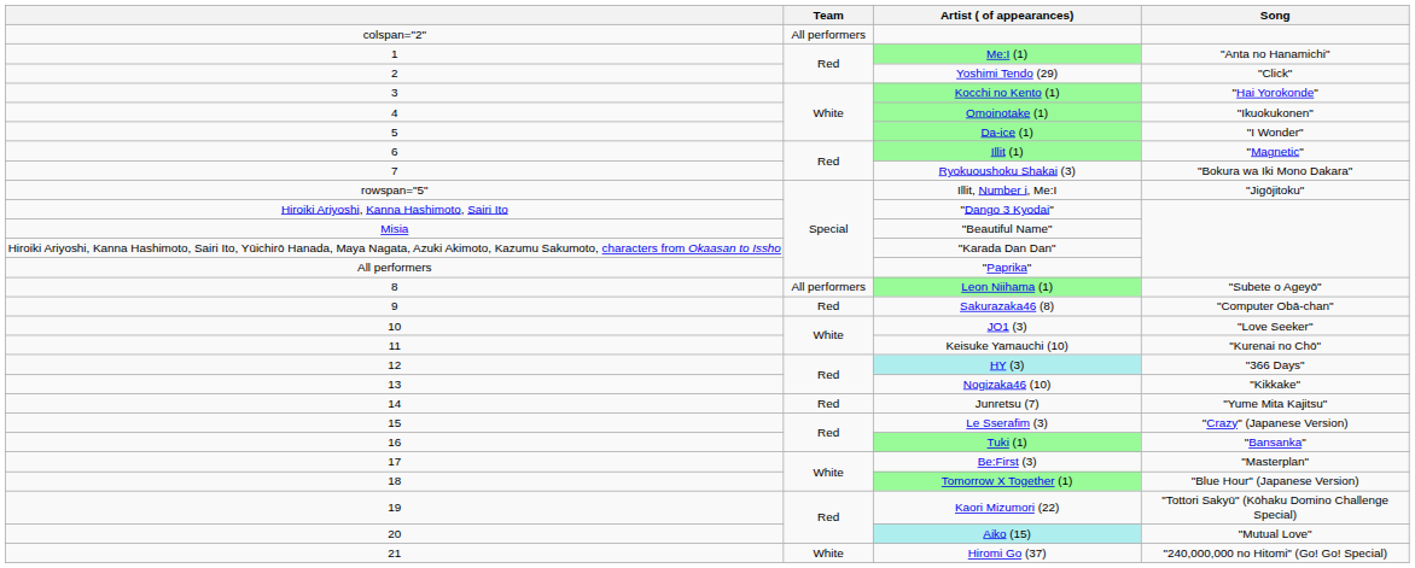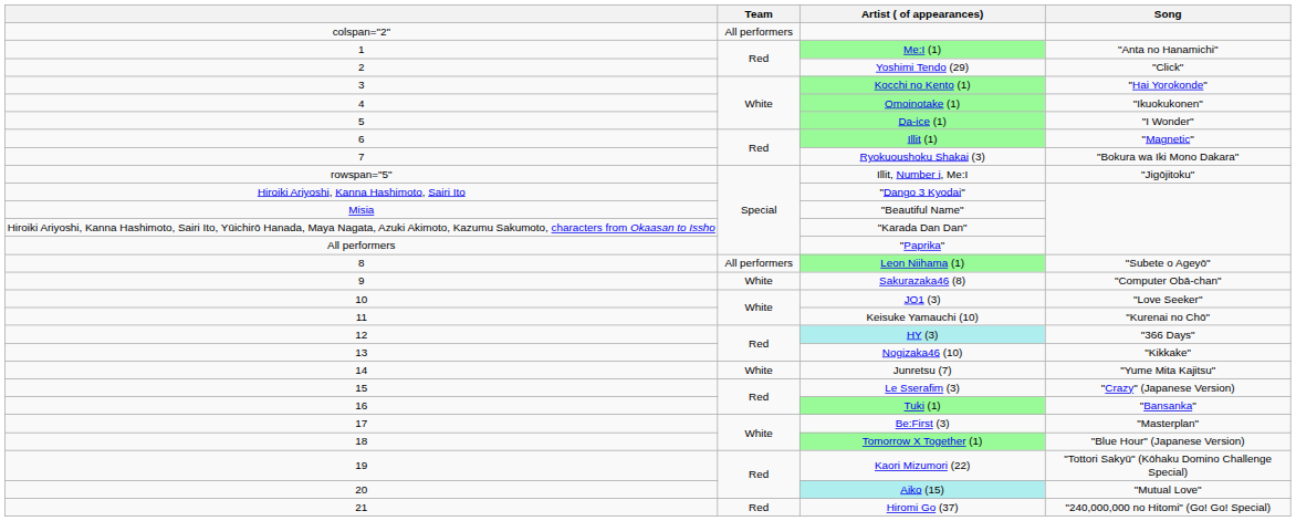 <table class="wikitable sortable" style="font-size:small; text-align:center; width:75">
 <tr>
 <th></th>
 <th style="width:7em">Team</th>
 <th style="width:22em">Artist ( of appearances)</th>
 <th style="width:22em">Song</th>
 </tr>
 <tr>
 <td>colspan="2" </td>
 <td>All performers</td>
 <td></td>
 </tr>
 <tr>
 <td>1</td>
 <td rowspan="2">Red</td>
 <td style="background:palegreen"><a href='#'>Me:I</a> (1) </td>
 <td>"Anta no Hanamichi"</td>
 </tr>
 <tr>
 <td>2</td>
 <td><a href='#'>Yoshimi Tendo</a> (29)</td>
 <td>"Click"</td>
 </tr>
 <tr>
 <td>3</td>
 <td rowspan="3">White</td>
 <td style="background:palegreen"><a href='#'>Kocchi no Kento</a> (1) </td>
 <td>"<a href='#'>Hai Yorokonde</a>"</td>
 </tr>
 <tr>
 <td>4</td>
 <td style="background:palegreen"><a href='#'>Omoinotake</a> (1) </td>
 <td>"Ikuokukonen"</td>
 </tr>
 <tr>
 <td>5</td>
 <td style="background:palegreen"><a href='#'>Da-ice</a> (1) </td>
 <td>"I Wonder"</td>
 </tr>
 <tr>
 <td>6</td>
 <td rowspan="2">Red</td>
 <td style="background:palegreen"><a href='#'>Illit</a> (1) </td>
 <td>"<a href='#'>Magnetic</a>"</td>
 </tr>
 <tr>
 <td>7</td>
 <td><a href='#'>Ryokuoushoku Shakai</a> (3)</td>
 <td>"Bokura wa Iki Mono Dakara"</td>
 </tr>
 <tr>
 <td>rowspan="5" </td>
 <td rowspan="5">Special</td>
 <td>Illit, <a href='#'>Number i</a>, Me:I</td>
 <td>"Jigōjitoku"</td>
 </tr>
 <tr>
 <td><a href='#'>Hiroiki Ariyoshi</a>, <a href='#'>Kanna Hashimoto</a>, <a href='#'>Sairi Ito</a></td>
 <td>"<a href='#'>Dango 3 Kyodai</a>"</td>
 </tr>
 <tr>
 <td><a href='#'>Misia</a></td>
 <td>"Beautiful Name"</td>
 </tr>
 <tr>
 <td>Hiroiki Ariyoshi, Kanna Hashimoto, Sairi Ito, Yūichirō Hanada, Maya Nagata, Azuki Akimoto, Kazumu Sakumoto, <a href='#'>characters from <em>Okaasan to Issho</em></a></td>
 <td>"Karada Dan Dan"</td>
 </tr>
 <tr>
 <td>All performers</td>
 <td>"<a href='#'>Paprika</a>"</td>
 </tr>
 <tr>
 <td>8</td>
 <td>All performers</td>
 <td style="background:palegreen"><a href='#'>Leon Niihama</a> (1) </td>
 <td>"Subete o Ageyō"</td>
 </tr>
 <tr>
 <td>9</td>
-<td>Red</td>
+<td>White</td>
 <td><a href='#'>Sakurazaka46</a> (8)</td>
 <td>"Computer Obā-chan"</td>
 </tr>
 <tr>
 <td>10</td>
 <td rowspan="2">White</td>
 <td><a href='#'>JO1</a> (3)</td>
 <td>"Love Seeker"</td>
 </tr>
 <tr>
 <td>11</td>
 <td>Keisuke Yamauchi (10)</td>
 <td>"Kurenai no Chō"</td>
 </tr>
 <tr>
 <td>12</td>
 <td rowspan="2">Red</td>
 <td style="background:paleturquoise"><a href='#'>HY</a> (3) </td>
 <td>"366 Days"</td>
 </tr>
 <tr>
 <td>13</td>
 <td><a href='#'>Nogizaka46</a> (10)</td>
 <td>"Kikkake"</td>
 </tr>
 <tr>
 <td>14</td>
-<td>Red</td>
+<td>White</td>
 <td>Junretsu (7)</td>
 <td>"Yume Mita Kajitsu"</td>
 </tr>
 <tr>
 <td>15</td>
 <td rowspan="2">Red</td>
 <td><a href='#'>Le Sserafim</a> (3)</td>
 <td>"<a href='#'>Crazy</a>" (Japanese Version)</td>
 </tr>
 <tr>
 <td>16</td>
 <td style="background:palegreen"><a href='#'>Tuki</a> (1) </td>
 <td>"<a href='#'>Bansanka</a>"</td>
 </tr>
 <tr>
 <td>17</td>
 <td rowspan="2">White</td>
 <td><a href='#'>Be:First</a> (3)</td>
 <td>"Masterplan"</td>
 </tr>
 <tr>
 <td>18</td>
 <td style="background:palegreen"><a href='#'>Tomorrow X Together</a> (1) </td>
 <td>"Blue Hour" (Japanese Version)</td>
 </tr>
 <tr>
 <td>19</td>
 <td rowspan="2">Red</td>
 <td><a href='#'>Kaori Mizumori</a> (22)</td>
 <td>"Tottori Sakyū" (Kōhaku Domino Challenge Special)</td>
 </tr>
 <tr>
 <td>20</td>
 <td style="background:paleturquoise"><a href='#'>Aiko</a> (15) </td>
 <td>"Mutual Love"</td>
 </tr>
 <tr>
 <td>21</td>
-<td>White</td>
+<td>Red</td>
 <td><a href='#'>Hiromi Go</a> (37)</td>
 <td>"240,000,000 no Hitomi" (Go! Go! Special)</td>
 </tr>
 </table>
